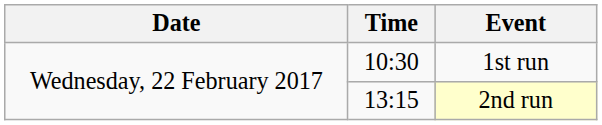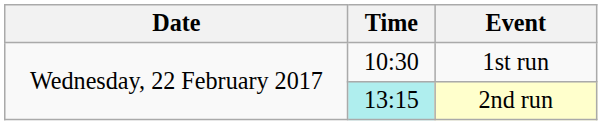 <table class = "wikitable" style="text-align:center;">
 <tr>
 <th width=220>Date</th>
 <th width=50>Time</th>
 <th width=100>Event</th>
 </tr>
 <tr>
 <td rowspan=2>Wednesday, 22 February 2017</td>
 <td>10:30</td>
 <td>1st run</td>
 </tr>
 <tr>
-<td>13:15</td>
+<td style="background: paleturquoise;">13:15</td>
 <td bgcolor=ffffcc>2nd run</td>
 </tr>
 </table>
